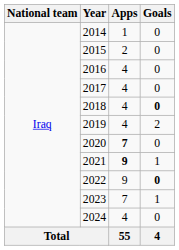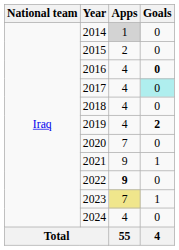 <table class="wikitable" style="text-align:center">
 <tr>
 <th>National team</th>
 <th>Year</th>
 <th>Apps</th>
 <th>Goals</th>
 </tr>
 <tr>
 <td rowspan="11"><a href='#'>Iraq</a></td>
 <td>2014</td>
-<td>1</td>
+<td style="background: lightgrey;">1</td>
 <td>0</td>
 </tr>
 <tr>
 <td>2015</td>
 <td>2</td>
 <td>0</td>
 </tr>
 <tr>
 <td>2016</td>
 <td>4</td>
-<td>0</td>
+<td><strong>0</strong></td>
 </tr>
 <tr>
 <td>2017</td>
 <td>4</td>
-<td>0</td>
+<td style="background: paleturquoise;">0</td>
 </tr>
 <tr>
 <td>2018</td>
 <td>4</td>
-<td><strong>0</strong></td>
+<td>0</td>
 </tr>
 <tr>
 <td>2019</td>
 <td>4</td>
-<td>2</td>
+<td><strong>2</strong></td>
 </tr>
 <tr>
 <td>2020</td>
-<td><strong>7</strong></td>
+<td>7</td>
 <td>0</td>
 </tr>
 <tr>
 <td>2021</td>
-<td><strong>9</strong></td>
+<td>9</td>
 <td>1</td>
 </tr>
 <tr>
 <td>2022</td>
-<td>9</td>
-<td><strong>0</strong></td>
+<td><strong>9</strong></td>
+<td>0</td>
 </tr>
 <tr>
 <td>2023</td>
-<td>7</td>
+<td style="background: khaki;">7</td>
 <td>1</td>
 </tr>
 <tr>
 <td>2024</td>
 <td>4</td>
 <td>0</td>
 </tr>
 <tr>
 <th colspan="2">Total</th>
 <th>55</th>
 <th>4</th>
 </tr>
 </table>
